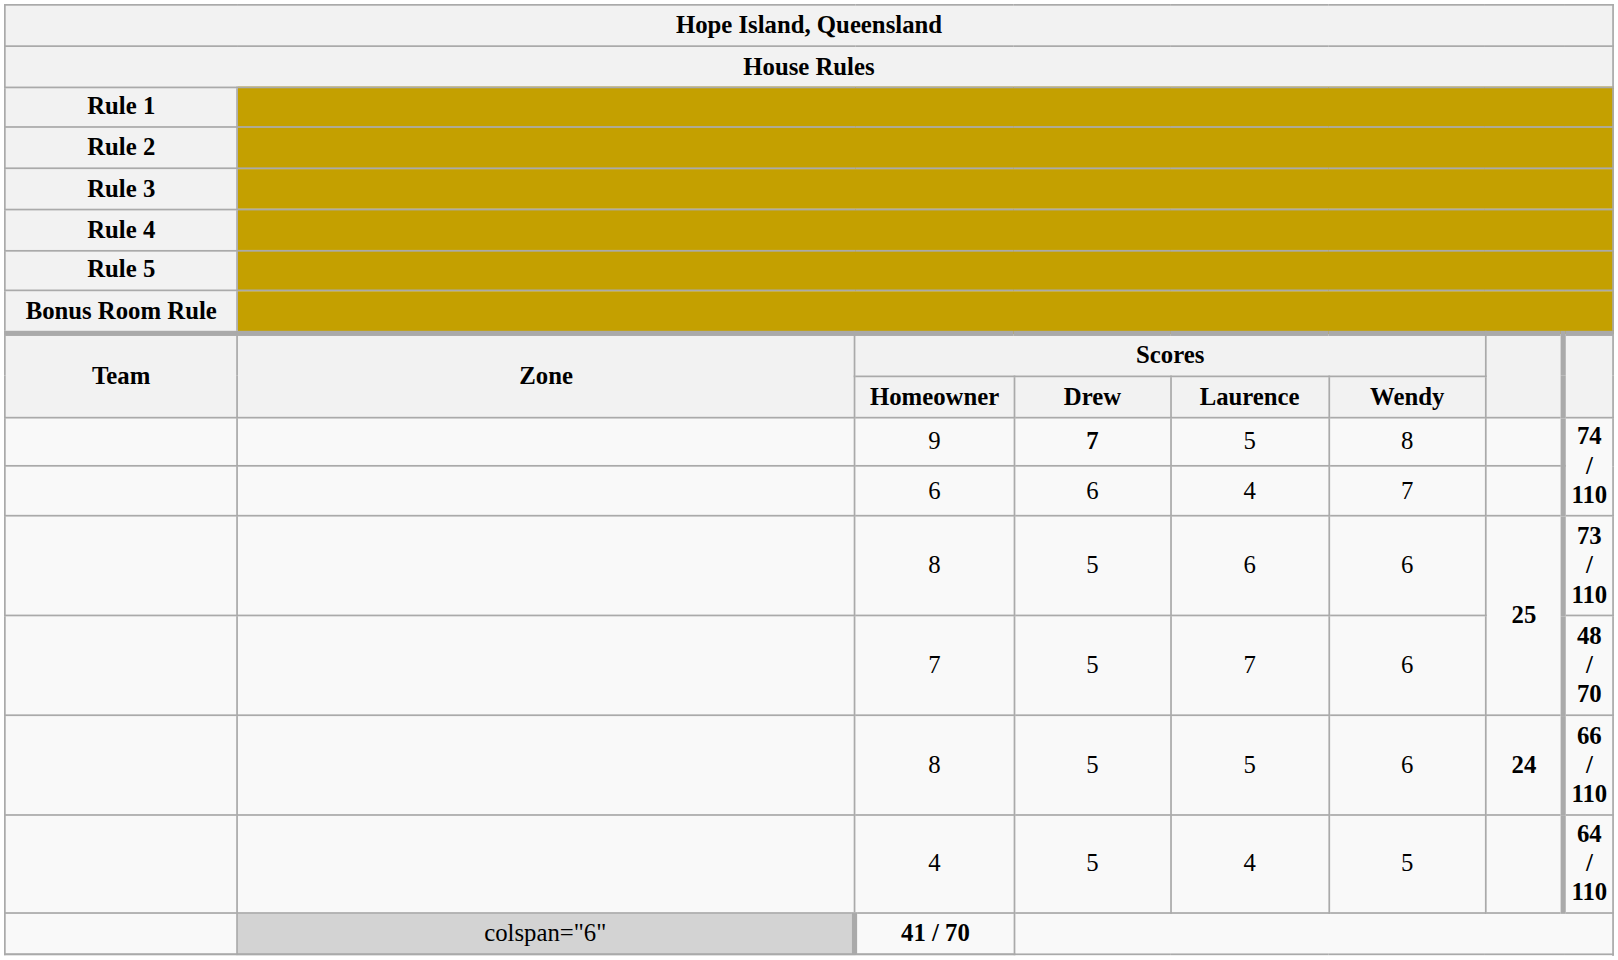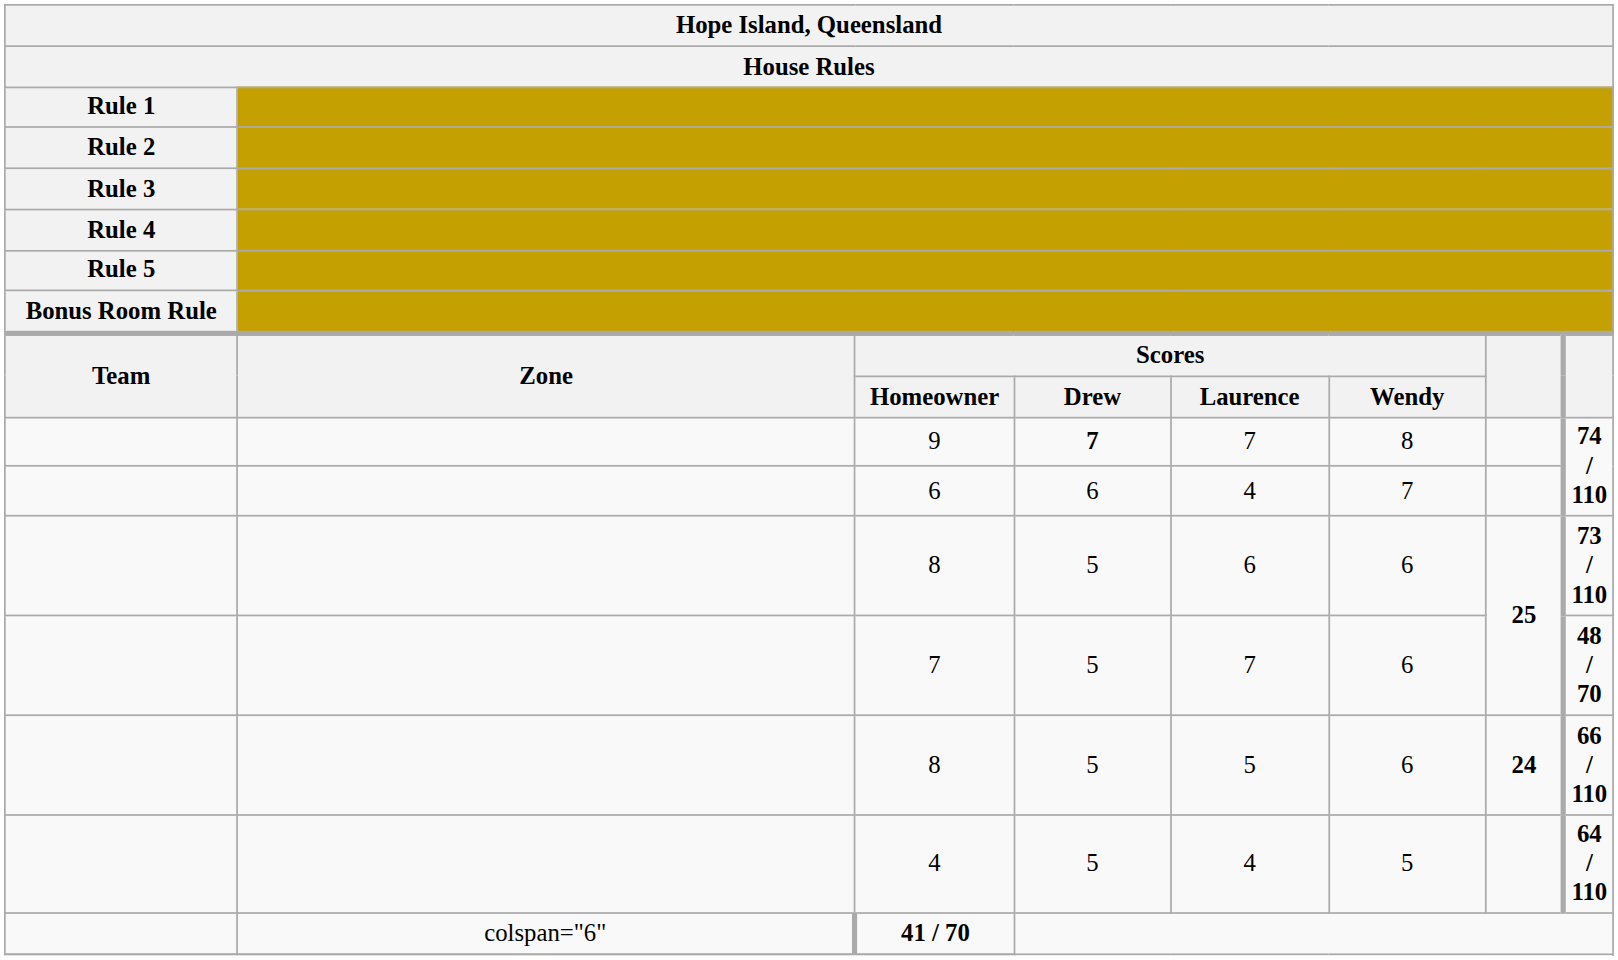 <table class="wikitable plainrowheaders" style="text-align:center; font-size:90%; width:65em;">
 <tr>
 <th colspan="8" >Hope Island, Queensland</th>
 </tr>
 <tr>
 <th colspan="8">House Rules</th>
 </tr>
 <tr>
 <th>Rule 1</th>
 <td colspan="8" style="background:#C4A000"></td>
 </tr>
 <tr>
 <th>Rule 2</th>
 <td colspan="8" style="background:#C4A000"></td>
 </tr>
 <tr>
 <th>Rule 3</th>
 <td colspan="8" style="background:#C4A000"></td>
 </tr>
 <tr>
 <th>Rule 4</th>
 <td colspan="8" style="background:#C4A000"></td>
 </tr>
 <tr>
 <th>Rule 5</th>
 <td colspan="8" style="background:#C4A000"></td>
 </tr>
 <tr>
 <th>Bonus Room Rule</th>
 <td colspan="8" style="background:#C4A000"></td>
 </tr>
 <tr style="border-top:3px solid #aaa;">
 <th rowspan="2">Team</th>
 <th rowspan="2" style="width:40%;">Zone</th>
 <th colspan="4" style="width:40%;">Scores</th>
 <th rowspan="2" style="width:10%;"></th>
 <th rowspan="2" style="width:10%; border-left:3px solid #aaa;"></th>
 </tr>
 <tr>
 <th style="width:10%;">Homeowner</th>
 <th style="width:10%;">Drew</th>
 <th style="width:10%;">Laurence</th>
 <th style="width:10%;">Wendy</th>
 </tr>
 <tr>
 <td style="width:15%;"></td>
 <td></td>
 <td>9</td>
 <td><strong>7</strong></td>
-<td>5</td>
+<td>7</td>
 <td>8</td>
 <td></td>
 <td rowspan="2" style="border-left:3px solid #aaa;"><strong>74 / 110</strong></td>
 </tr>
 <tr>
 <td style="width:15%;"></td>
 <td></td>
 <td>6</td>
 <td>6</td>
 <td>4</td>
 <td>7</td>
 <td></td>
 </tr>
 <tr>
 <td style="width:15%;"></td>
 <td></td>
 <td>8</td>
 <td>5</td>
 <td>6</td>
 <td>6</td>
 <td rowspan="2"><strong>25</strong></td>
 <td style="border-left:3px solid #aaa;"><strong>73 / 110</strong></td>
 </tr>
 <tr>
 <td style="width:15%;"></td>
 <td></td>
 <td>7</td>
 <td>5</td>
 <td>7</td>
 <td>6</td>
 <td style="border-left:3px solid #aaa;"><strong>48 / 70</strong></td>
 </tr>
 <tr>
 <td style="width:15%;"></td>
 <td></td>
 <td>8</td>
 <td>5</td>
 <td>5</td>
 <td>6</td>
 <td><strong>24</strong></td>
 <td style="border-left:3px solid #aaa;"><strong>66 / 110</strong></td>
 </tr>
 <tr>
 <td style="width:15%;"></td>
 <td></td>
 <td>4</td>
 <td>5</td>
 <td>4</td>
 <td>5</td>
 <td></td>
 <td style="border-left:3px solid #aaa;"><strong>64 / 110</strong></td>
 </tr>
 <tr>
 <td style="width:15%;"></td>
-<td style="background: lightgrey;">colspan="6" </td>
+<td>colspan="6" </td>
 <td style="border-left:3px solid #aaa;"><strong>41 / 70</strong></td>
 </tr>
 <tr>
 </tr>
 </table>
